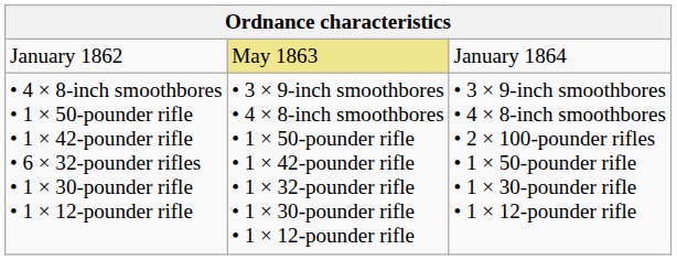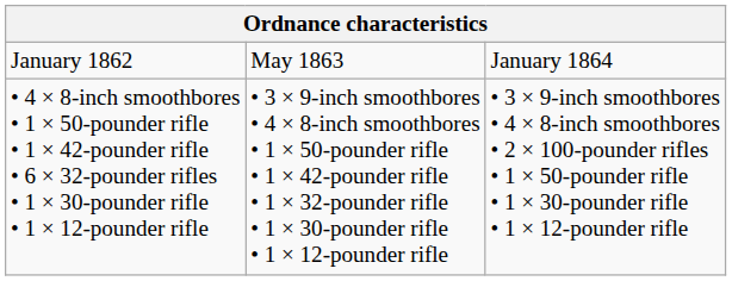 <table class="wikitable" style="font-size:97%;">
 <tr>
 <th colspan="3">Ordnance characteristics</th>
 </tr>
 <tr>
 <td>January 1862</td>
-<td style="background: khaki;">May 1863</td>
+<td>May 1863</td>
 <td>January 1864</td>
 </tr>
 <tr>
 <td valign=top>• 4 × 8-inch smoothbores<br>• 1 × 50-pounder rifle<br>• 1 × 42-pounder rifle<br>• 6 × 32-pounder rifles<br>• 1 × 30-pounder rifle<br>• 1 × 12-pounder rifle<br></td>
 <td valign=top>• 3 × 9-inch smoothbores<br>• 4 × 8-inch smoothbores<br>• 1 × 50-pounder rifle<br>• 1 × 42-pounder rifle<br>• 1 × 32-pounder rifle<br>• 1 × 30-pounder rifle<br>• 1 × 12-pounder rifle<br></td>
 <td valign=top>• 3 × 9-inch smoothbores<br>• 4 × 8-inch smoothbores<br>• 2 × 100-pounder rifles<br>• 1 × 50-pounder rifle<br>• 1 × 30-pounder rifle<br>• 1 × 12-pounder rifle<br></td>
 </tr>
 </table>
